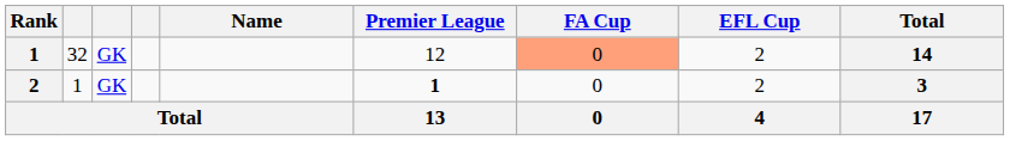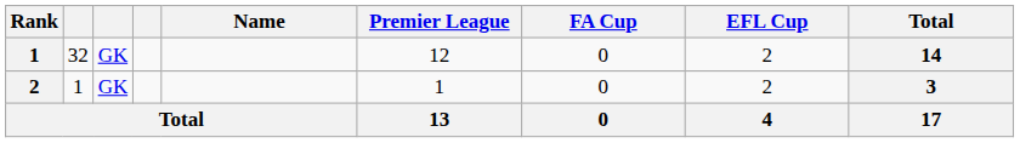 <table class="wikitable sortable" style="text-align:center;">
 <tr>
 <th width="15">Rank</th>
 <th width="15"></th>
 <th width="15"></th>
 <th width="15"></th>
 <th width="145">Name</th>
 <th width="120"><a href='#'>Premier League</a></th>
 <th width="120"><a href='#'>FA Cup</a></th>
 <th width="120"><a href='#'>EFL Cup</a></th>
 <th width="120">Total</th>
 </tr>
 <tr>
 <th>1</th>
 <td>32</td>
 <td><a href='#'>GK</a></td>
 <td></td>
 <td align="left"></td>
 <td>12</td>
-<td style="background: lightsalmon;">0</td>
+<td>0</td>
 <td>2</td>
 <th>14</th>
 </tr>
 <tr>
 <th>2</th>
 <td>1</td>
 <td><a href='#'>GK</a></td>
 <td></td>
 <td align="left"></td>
-<td><strong>1</strong></td>
+<td>1</td>
 <td>0</td>
 <td>2</td>
 <th>3</th>
 </tr>
 <tr>
 <th colspan="5">Total</th>
 <th>13</th>
 <th>0</th>
 <th>4</th>
 <th>17</th>
 </tr>
 </table>
